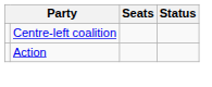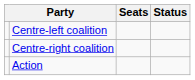 <table class=wikitable>
 <tr>
 <th colspan=2>Party</th>
 <th>Seats</th>
 <th>Status</th>
 </tr>
 <tr>
 <td style="color:inherit;background:"></td>
 <td><a href='#'>Centre-left coalition</a></td>
 <td></td>
 <td></td>
 </tr>
 <tr>
 <td style="color:inherit;background:"></td>
+<td><a href='#'>Centre-right coalition</a></td>
+<td></td>
+<td></td>
+</tr>
+<tr>
+<td style="color:inherit;background:"></td>
 <td><a href='#'>Action</a></td>
 <td></td>
 <td></td>
 </tr>
 </table>
